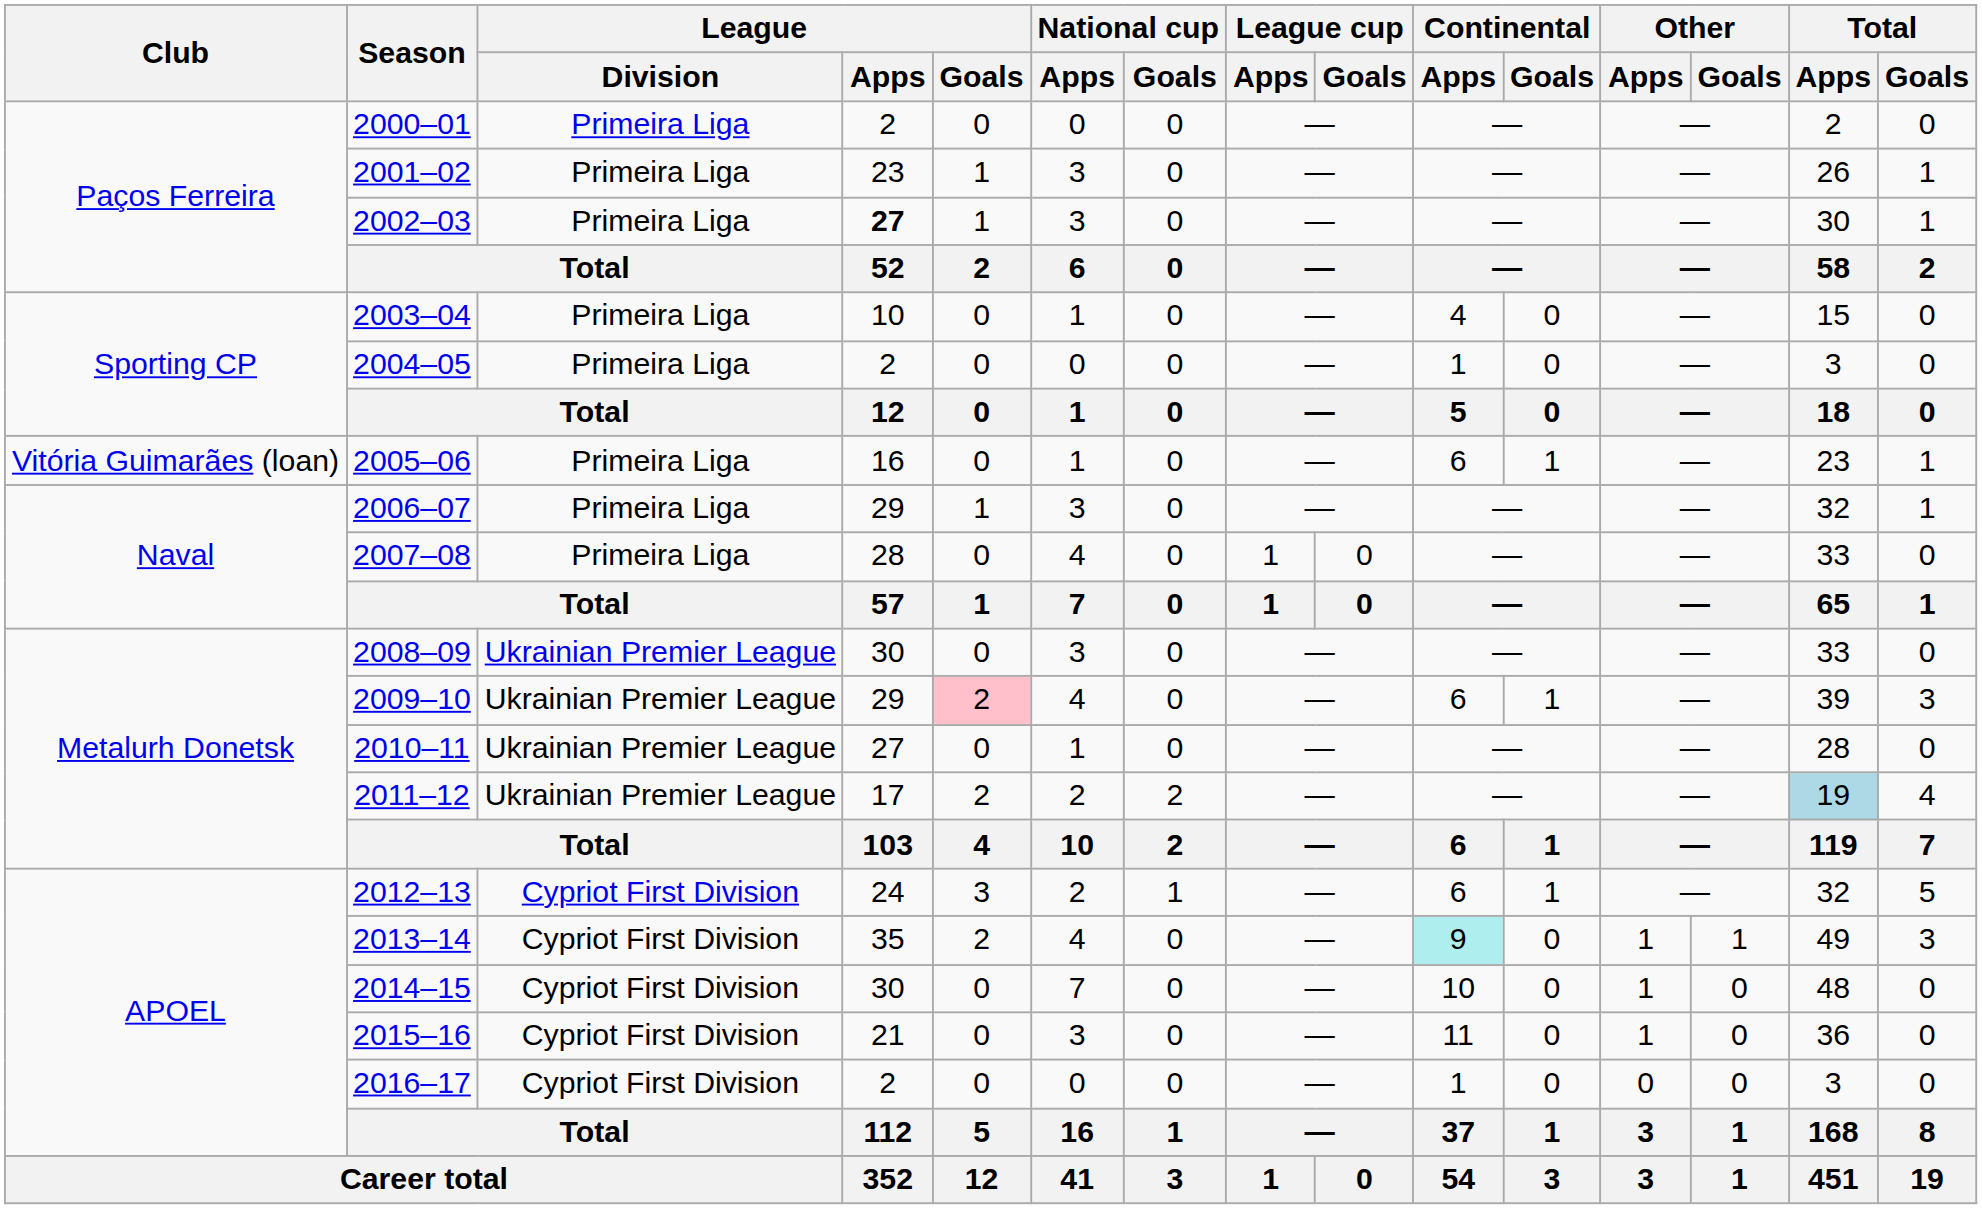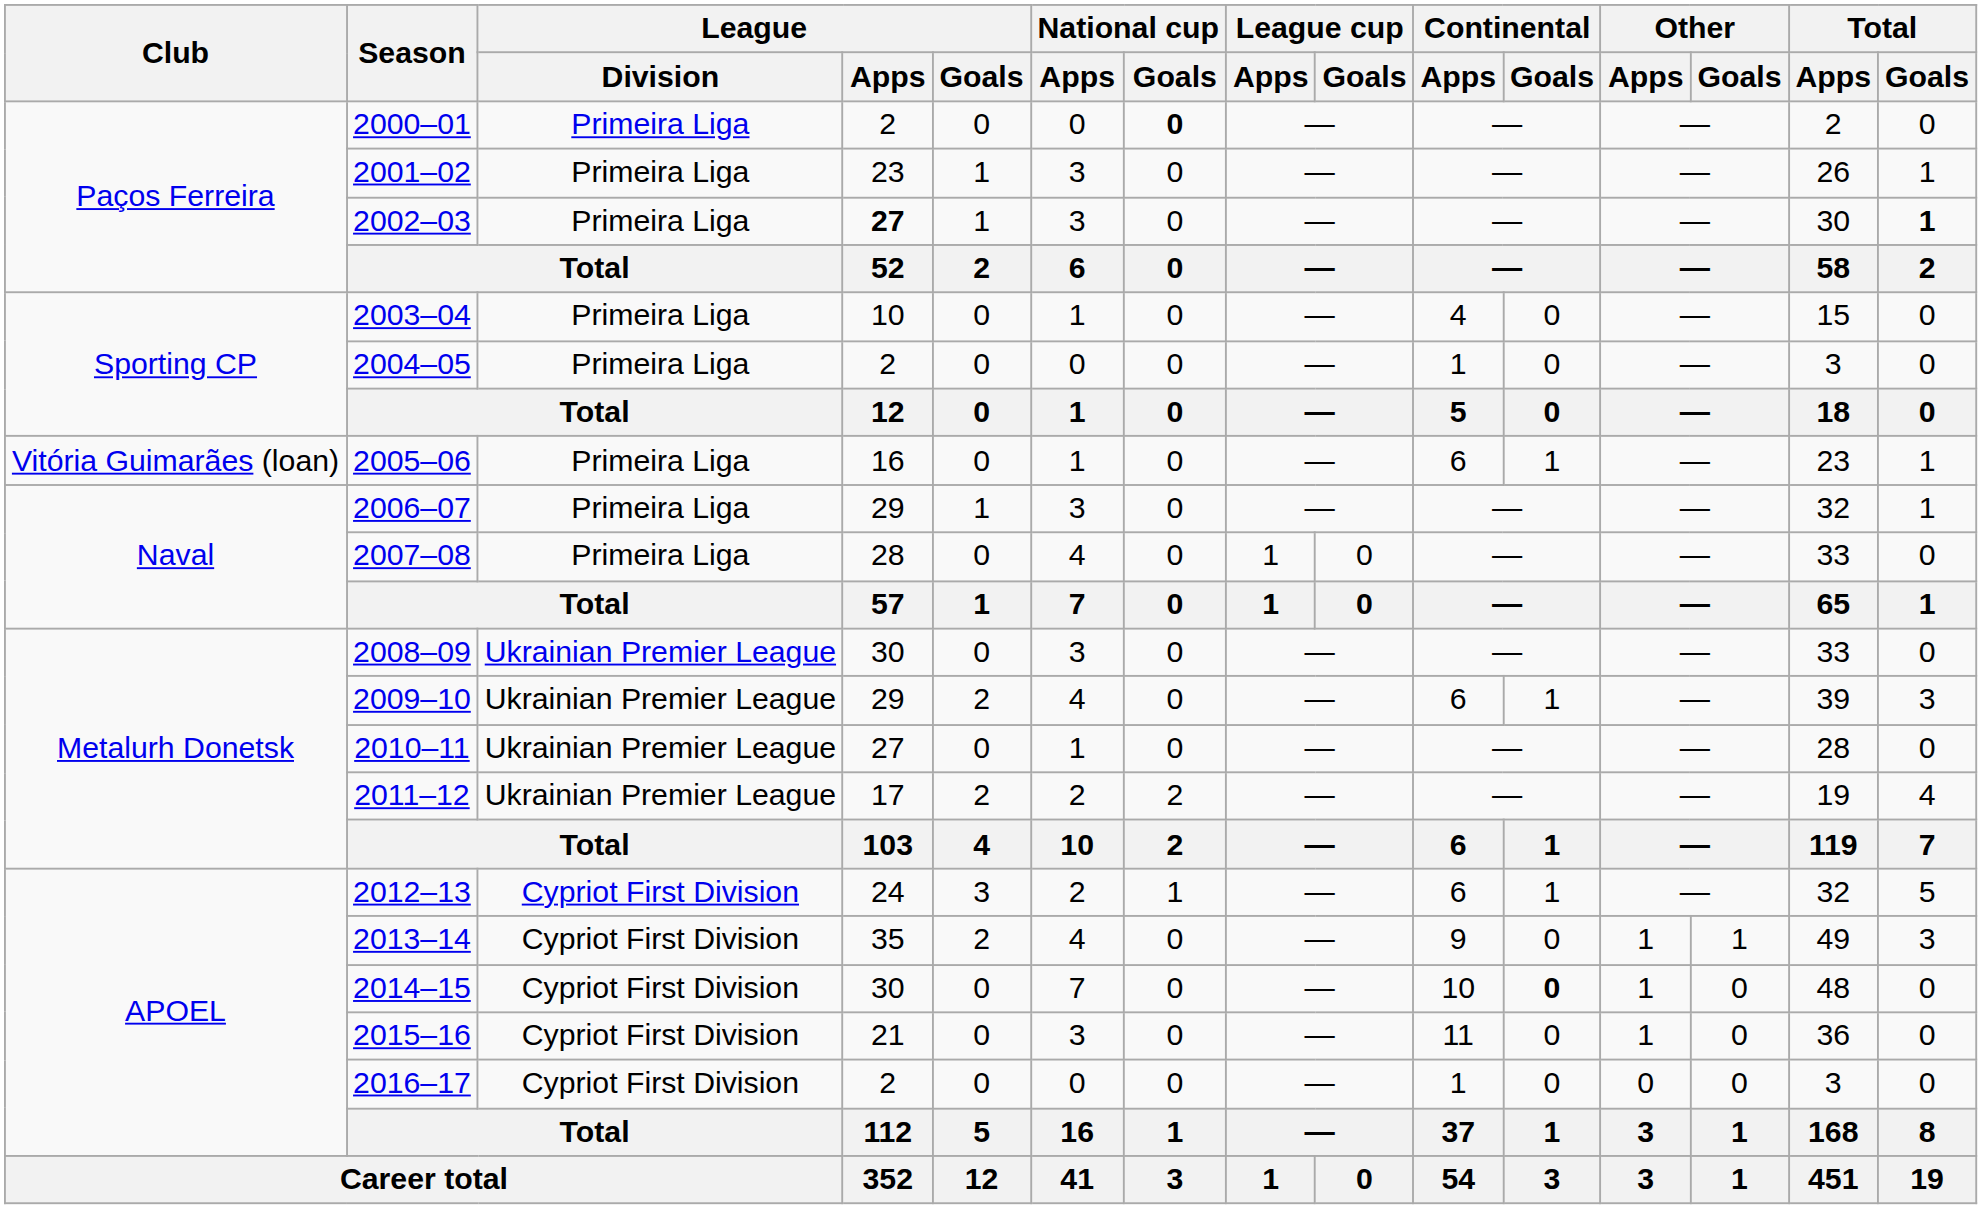 <table class="wikitable" style="text-align:center">
 <tr>
 <th rowspan="2">Club</th>
 <th rowspan="2">Season</th>
 <th colspan="3">League</th>
 <th colspan="2">National cup</th>
 <th colspan="2">League cup</th>
 <th colspan="2">Continental</th>
 <th colspan="2">Other</th>
 <th colspan="2">Total</th>
 </tr>
 <tr>
 <th>Division</th>
 <th>Apps</th>
 <th>Goals</th>
 <th>Apps</th>
 <th>Goals</th>
 <th>Apps</th>
 <th>Goals</th>
 <th>Apps</th>
 <th>Goals</th>
 <th>Apps</th>
 <th>Goals</th>
 <th>Apps</th>
 <th>Goals</th>
 </tr>
 <tr>
 <td rowspan="4"><a href='#'>Paços Ferreira</a></td>
 <td><a href='#'>2000–01</a></td>
 <td><a href='#'>Primeira Liga</a></td>
 <td>2</td>
 <td>0</td>
 <td>0</td>
-<td>0</td>
+<td><strong>0</strong></td>
 <td colspan="2">—</td>
 <td colspan="2">—</td>
 <td colspan="2">—</td>
 <td>2</td>
 <td>0</td>
 </tr>
 <tr>
 <td><a href='#'>2001–02</a></td>
 <td>Primeira Liga</td>
 <td>23</td>
 <td>1</td>
 <td>3</td>
 <td>0</td>
 <td colspan="2">—</td>
 <td colspan="2">—</td>
 <td colspan="2">—</td>
 <td>26</td>
 <td>1</td>
 </tr>
 <tr>
 <td><a href='#'>2002–03</a></td>
 <td>Primeira Liga</td>
 <td><strong>27</strong></td>
 <td>1</td>
 <td>3</td>
 <td>0</td>
 <td colspan="2">—</td>
 <td colspan="2">—</td>
 <td colspan="2">—</td>
 <td>30</td>
-<td>1</td>
+<td><strong>1</strong></td>
 </tr>
 <tr>
 <th colspan="2">Total</th>
 <th>52</th>
 <th>2</th>
 <th>6</th>
 <th>0</th>
 <th colspan="2">—</th>
 <th colspan="2">—</th>
 <th colspan="2">—</th>
 <th>58</th>
 <th>2</th>
 </tr>
 <tr>
 <td rowspan="3"><a href='#'>Sporting CP</a></td>
 <td><a href='#'>2003–04</a></td>
 <td>Primeira Liga</td>
 <td>10</td>
 <td>0</td>
 <td>1</td>
 <td>0</td>
 <td colspan="2">—</td>
 <td>4</td>
 <td>0</td>
 <td colspan="2">—</td>
 <td>15</td>
 <td>0</td>
 </tr>
 <tr>
 <td><a href='#'>2004–05</a></td>
 <td>Primeira Liga</td>
 <td>2</td>
 <td>0</td>
 <td>0</td>
 <td>0</td>
 <td colspan="2">—</td>
 <td>1</td>
 <td>0</td>
 <td colspan="2">—</td>
 <td>3</td>
 <td>0</td>
 </tr>
 <tr>
 <th colspan="2">Total</th>
 <th>12</th>
 <th>0</th>
 <th>1</th>
 <th>0</th>
 <th colspan="2">—</th>
 <th>5</th>
 <th>0</th>
 <th colspan="2">—</th>
 <th>18</th>
 <th>0</th>
 </tr>
 <tr>
 <td><a href='#'>Vitória Guimarães</a> (loan)</td>
 <td><a href='#'>2005–06</a></td>
 <td>Primeira Liga</td>
 <td>16</td>
 <td>0</td>
 <td>1</td>
 <td>0</td>
 <td colspan="2">—</td>
 <td>6</td>
 <td>1</td>
 <td colspan="2">—</td>
 <td>23</td>
 <td>1</td>
 </tr>
 <tr>
 <td rowspan="3"><a href='#'>Naval</a></td>
 <td><a href='#'>2006–07</a></td>
 <td>Primeira Liga</td>
 <td>29</td>
 <td>1</td>
 <td>3</td>
 <td>0</td>
 <td colspan="2">—</td>
 <td colspan="2">—</td>
 <td colspan="2">—</td>
 <td>32</td>
 <td>1</td>
 </tr>
 <tr>
 <td><a href='#'>2007–08</a></td>
 <td>Primeira Liga</td>
 <td>28</td>
 <td>0</td>
 <td>4</td>
 <td>0</td>
 <td>1</td>
 <td>0</td>
 <td colspan="2">—</td>
 <td colspan="2">—</td>
 <td>33</td>
 <td>0</td>
 </tr>
 <tr>
 <th colspan="2">Total</th>
 <th>57</th>
 <th>1</th>
 <th>7</th>
 <th>0</th>
 <th>1</th>
 <th>0</th>
 <th colspan="2">—</th>
 <th colspan="2">—</th>
 <th>65</th>
 <th>1</th>
 </tr>
 <tr>
 <td rowspan="5"><a href='#'>Metalurh Donetsk</a></td>
 <td><a href='#'>2008–09</a></td>
 <td><a href='#'>Ukrainian Premier League</a></td>
 <td>30</td>
 <td>0</td>
 <td>3</td>
 <td>0</td>
 <td colspan="2">—</td>
 <td colspan="2">—</td>
 <td colspan="2">—</td>
 <td>33</td>
 <td>0</td>
 </tr>
 <tr>
 <td><a href='#'>2009–10</a></td>
 <td>Ukrainian Premier League</td>
 <td>29</td>
-<td style="background: pink;">2</td>
+<td>2</td>
 <td>4</td>
 <td>0</td>
 <td colspan="2">—</td>
 <td>6</td>
 <td>1</td>
 <td colspan="2">—</td>
 <td>39</td>
 <td>3</td>
 </tr>
 <tr>
 <td><a href='#'>2010–11</a></td>
 <td>Ukrainian Premier League</td>
 <td>27</td>
 <td>0</td>
 <td>1</td>
 <td>0</td>
 <td colspan="2">—</td>
 <td colspan="2">—</td>
 <td colspan="2">—</td>
 <td>28</td>
 <td>0</td>
 </tr>
 <tr>
 <td><a href='#'>2011–12</a></td>
 <td>Ukrainian Premier League</td>
 <td>17</td>
 <td>2</td>
 <td>2</td>
 <td>2</td>
 <td colspan="2">—</td>
 <td colspan="2">—</td>
 <td colspan="2">—</td>
-<td style="background: lightblue;">19</td>
+<td>19</td>
 <td>4</td>
 </tr>
 <tr>
 <th colspan="2">Total</th>
 <th>103</th>
 <th>4</th>
 <th>10</th>
 <th>2</th>
 <th colspan="2">—</th>
 <th>6</th>
 <th>1</th>
 <th colspan="2">—</th>
 <th>119</th>
 <th>7</th>
 </tr>
 <tr>
 <td rowspan="6"><a href='#'>APOEL</a></td>
 <td><a href='#'>2012–13</a></td>
 <td><a href='#'>Cypriot First Division</a></td>
 <td>24</td>
 <td>3</td>
 <td>2</td>
 <td>1</td>
 <td colspan="2">—</td>
 <td>6</td>
 <td>1</td>
 <td colspan="2">—</td>
 <td>32</td>
 <td>5</td>
 </tr>
 <tr>
 <td><a href='#'>2013–14</a></td>
 <td>Cypriot First Division</td>
 <td>35</td>
 <td>2</td>
 <td>4</td>
 <td>0</td>
 <td colspan="2">—</td>
-<td style="background: paleturquoise;">9</td>
+<td>9</td>
 <td>0</td>
 <td>1</td>
 <td>1</td>
 <td>49</td>
 <td>3</td>
 </tr>
 <tr>
 <td><a href='#'>2014–15</a></td>
 <td>Cypriot First Division</td>
 <td>30</td>
 <td>0</td>
 <td>7</td>
 <td>0</td>
 <td colspan="2">—</td>
 <td>10</td>
-<td>0</td>
+<td><strong>0</strong></td>
 <td>1</td>
 <td>0</td>
 <td>48</td>
 <td>0</td>
 </tr>
 <tr>
 <td><a href='#'>2015–16</a></td>
 <td>Cypriot First Division</td>
 <td>21</td>
 <td>0</td>
 <td>3</td>
 <td>0</td>
 <td colspan="2">—</td>
 <td>11</td>
 <td>0</td>
 <td>1</td>
 <td>0</td>
 <td>36</td>
 <td>0</td>
 </tr>
 <tr>
 <td><a href='#'>2016–17</a></td>
 <td>Cypriot First Division</td>
 <td>2</td>
 <td>0</td>
 <td>0</td>
 <td>0</td>
 <td colspan="2">—</td>
 <td>1</td>
 <td>0</td>
 <td>0</td>
 <td>0</td>
 <td>3</td>
 <td>0</td>
 </tr>
 <tr>
 <th colspan="2">Total</th>
 <th>112</th>
 <th>5</th>
 <th>16</th>
 <th>1</th>
 <th colspan="2">—</th>
 <th>37</th>
 <th>1</th>
 <th>3</th>
 <th>1</th>
 <th>168</th>
 <th>8</th>
 </tr>
 <tr>
 <th colspan="3">Career total</th>
 <th>352</th>
 <th>12</th>
 <th>41</th>
 <th>3</th>
 <th>1</th>
 <th>0</th>
 <th>54</th>
 <th>3</th>
 <th>3</th>
 <th>1</th>
 <th>451</th>
 <th>19</th>
 </tr>
 </table>
